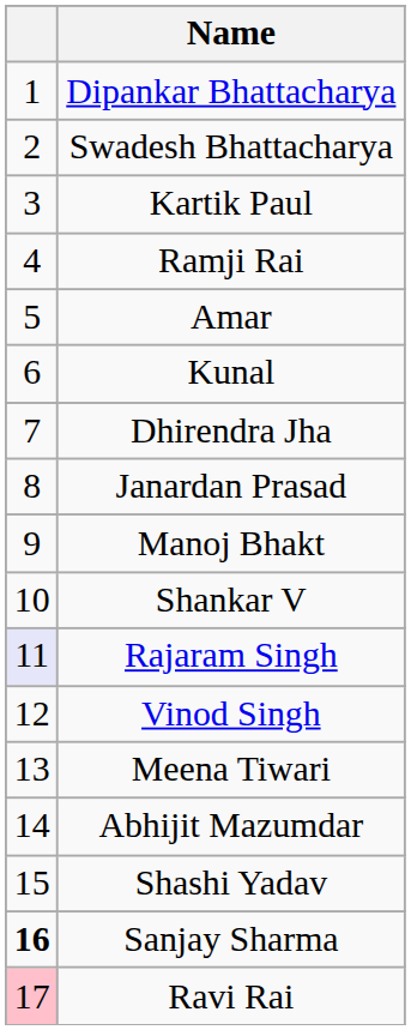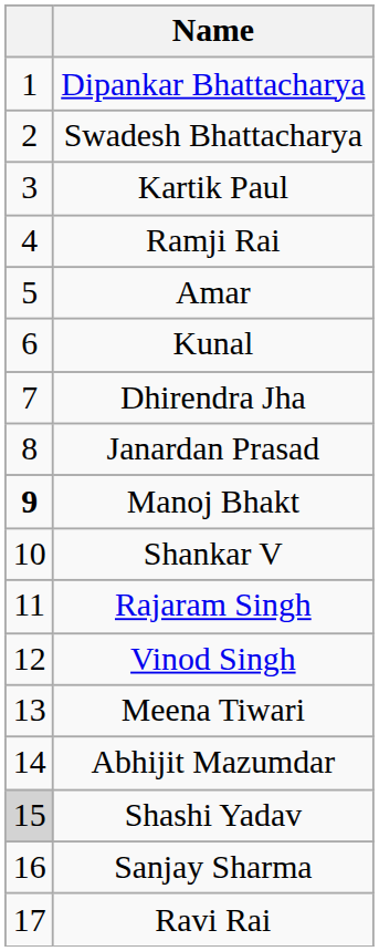 <table class="wikitable" style="text-align:center">
 <tr>
 <th Style="background-color:"></th>
 <th Style="background-color:">Name</th>
 </tr>
 <tr>
 <td>1</td>
 <td><a href='#'>Dipankar Bhattacharya</a></td>
 </tr>
 <tr>
 <td>2</td>
 <td>Swadesh Bhattacharya</td>
 </tr>
 <tr>
 <td>3</td>
 <td>Kartik Paul</td>
 </tr>
 <tr>
 <td>4</td>
 <td>Ramji Rai</td>
 </tr>
 <tr>
 <td>5</td>
 <td>Amar</td>
 </tr>
 <tr>
 <td>6</td>
 <td>Kunal</td>
 </tr>
 <tr>
 <td>7</td>
 <td>Dhirendra Jha</td>
 </tr>
 <tr>
 <td>8</td>
 <td>Janardan Prasad</td>
 </tr>
 <tr>
-<td>9</td>
+<td><strong>9</strong></td>
 <td>Manoj Bhakt</td>
 </tr>
 <tr>
 <td>10</td>
 <td>Shankar V</td>
 </tr>
 <tr>
-<td style="background: lavender;">11</td>
+<td>11</td>
 <td><a href='#'>Rajaram Singh</a></td>
 </tr>
 <tr>
 <td>12</td>
 <td><a href='#'>Vinod Singh</a></td>
 </tr>
 <tr>
 <td>13</td>
 <td>Meena Tiwari</td>
 </tr>
 <tr>
 <td>14</td>
 <td>Abhijit Mazumdar</td>
 </tr>
 <tr>
-<td>15</td>
+<td style="background: lightgrey;">15</td>
 <td>Shashi Yadav</td>
 </tr>
 <tr>
-<td><strong>16</strong></td>
+<td>16</td>
 <td>Sanjay Sharma</td>
 </tr>
 <tr>
-<td style="background: pink;">17</td>
+<td>17</td>
 <td>Ravi Rai</td>
 </tr>
 </table>
